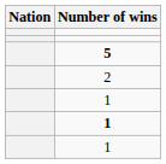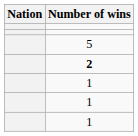 <table class="wikitable plainrowheaders sortable">
 <tr>
 <th scope=col>Nation</th>
 <th scope=col>Number of wins</th>
 </tr>
 <tr>
 <th scope=row></th>
 <td align=center></td>
 </tr>
 <tr>
 <th scope=row></th>
 <td align=center></td>
 </tr>
 <tr>
 <th scope=row></th>
-<td align=center><strong>5</strong></td>
+<td align=center>5</td>
 </tr>
 <tr>
 <th scope=row></th>
-<td align=center>2</td>
+<td align=center><strong>2</strong></td>
 </tr>
 <tr>
 <th scope=row></th>
 <td align=center>1</td>
 </tr>
 <tr>
 <th scope=row></th>
-<td align=center><strong>1</strong></td>
+<td align=center>1</td>
 </tr>
 <tr>
 <th scope=row></th>
 <td align=center>1</td>
 </tr>
 </table>
